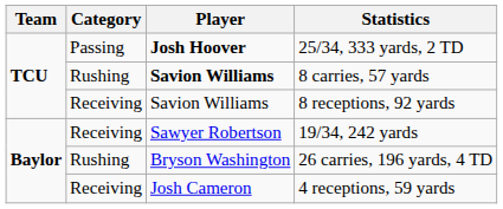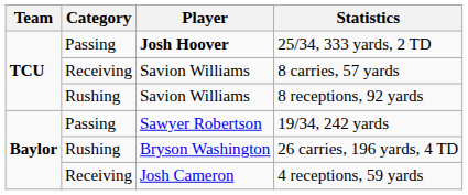 <table class="wikitable" style="float: right;">
 <tr>
 <th>Team</th>
 <th>Category</th>
 <th>Player</th>
 <th>Statistics</th>
 </tr>
 <tr>
 <td rowspan=3><strong>TCU</strong></td>
 <td>Passing</td>
 <td><strong>Josh Hoover</strong></td>
 <td>25/34, 333 yards, 2 TD</td>
 </tr>
 <tr>
-<td>Rushing</td>
-<td><strong>Savion Williams</strong></td>
+<td>Receiving</td>
+<td>Savion Williams</td>
 <td>8 carries, 57 yards</td>
 </tr>
 <tr>
-<td>Receiving</td>
+<td>Rushing</td>
 <td>Savion Williams</td>
 <td>8 receptions, 92 yards</td>
 </tr>
 <tr>
 <td rowspan=3><strong>Baylor</strong></td>
-<td>Receiving</td>
+<td>Passing</td>
 <td><a href='#'>Sawyer Robertson</a></td>
 <td>19/34, 242 yards</td>
 </tr>
 <tr>
 <td>Rushing</td>
 <td><a href='#'>Bryson Washington</a></td>
 <td>26 carries, 196 yards, 4 TD</td>
 </tr>
 <tr>
 <td>Receiving</td>
 <td><a href='#'>Josh Cameron</a></td>
 <td>4 receptions, 59 yards</td>
 </tr>
 </table>
